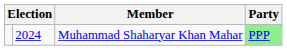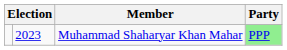 <table class="wikitable">
 <tr>
 <th colspan="2">Election</th>
 <th>Member</th>
 <th>Party</th>
 </tr>
 <tr>
 <td style="background-color: "></td>
-<td><a href='#'>2024</a></td>
+<td><a href='#'>2023</a></td>
 <td><a href='#'>Muhammad Shaharyar Khan Mahar</a></td>
 <td style="background: lightgreen;"><a href='#'>PPP</a></td>
 </tr>
 </table>
